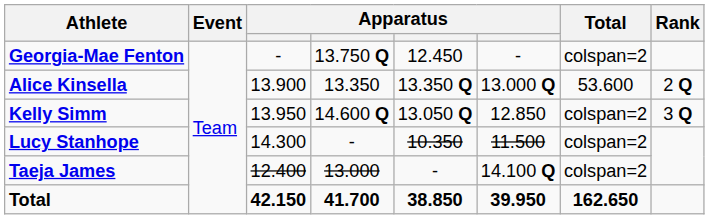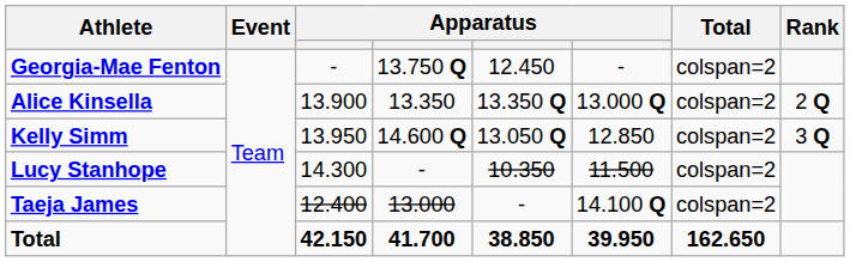 <table class=wikitable style=font-size:90%;text-align:center>
 <tr>
 <th rowspan=2>Athlete</th>
 <th rowspan=2>Event</th>
 <th colspan=4>Apparatus</th>
 <th rowspan=2>Total</th>
 <th rowspan=2>Rank</th>
 </tr>
 <tr style=font-size:95%>
 <th></th>
 <th></th>
 <th></th>
 <th></th>
 </tr>
 <tr>
 <td align=left><strong><a href='#'>Georgia-Mae Fenton</a></strong></td>
 <td align=left rowspan=6><a href='#'>Team</a></td>
 <td>-</td>
 <td>13.750 <strong>Q</strong></td>
 <td>12.450</td>
 <td>-</td>
 <td>colspan=2 </td>
 </tr>
 <tr>
 <td align=left><strong><a href='#'>Alice Kinsella</a></strong></td>
 <td>13.900</td>
 <td>13.350</td>
 <td>13.350 <strong>Q</strong></td>
 <td>13.000 <strong>Q</strong></td>
-<td>53.600</td>
+<td>colspan=2 </td>
 <td>2 <strong>Q</strong></td>
 </tr>
 <tr>
 <td align=left><strong><a href='#'>Kelly Simm</a></strong></td>
 <td>13.950</td>
 <td>14.600 <strong>Q</strong></td>
 <td>13.050 <strong>Q</strong></td>
 <td>12.850</td>
 <td>colspan=2 </td>
 <td>3 <strong>Q</strong></td>
 </tr>
 <tr>
 <td align=left><strong><a href='#'>Lucy Stanhope</a></strong></td>
 <td>14.300</td>
 <td>-</td>
 <td><s>10.350</s></td>
 <td><s>11.500</s></td>
 <td>colspan=2 </td>
 </tr>
 <tr>
 <td align=left><strong><a href='#'>Taeja James</a></strong></td>
 <td><s>12.400</s></td>
 <td><s>13.000</s></td>
 <td>-</td>
 <td>14.100 <strong>Q</strong></td>
 <td>colspan=2 </td>
 </tr>
 <tr>
 <td align=left><strong>Total</strong></td>
 <td><strong>42.150</strong></td>
 <td><strong>41.700</strong></td>
 <td><strong>38.850</strong></td>
 <td><strong>39.950</strong></td>
 <td><strong>162.650</strong></td>
 <td></td>
 </tr>
 </table>
